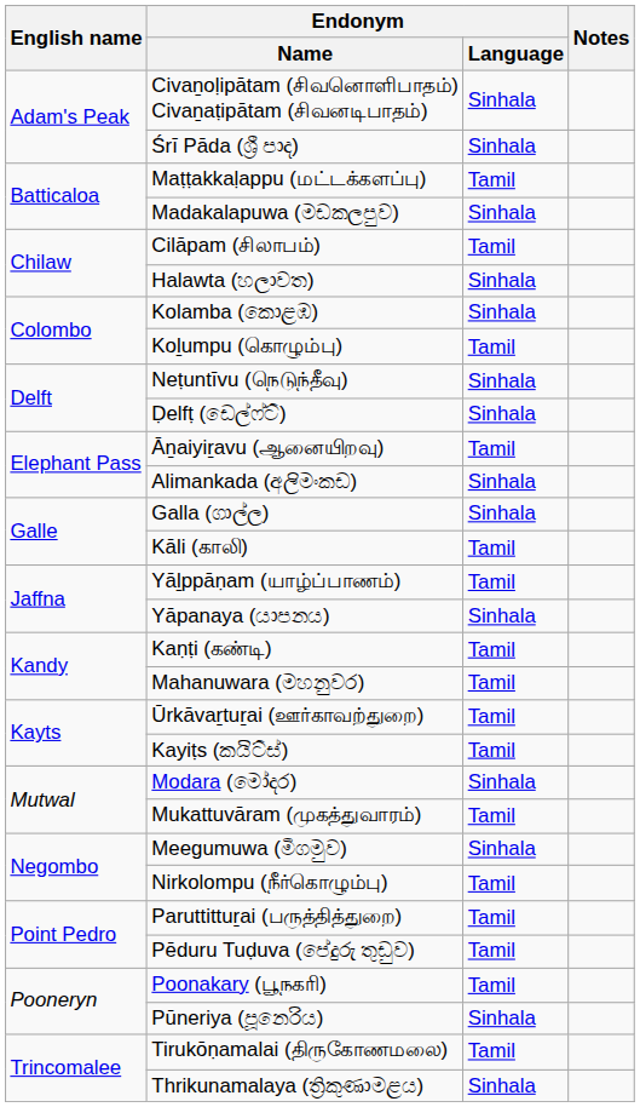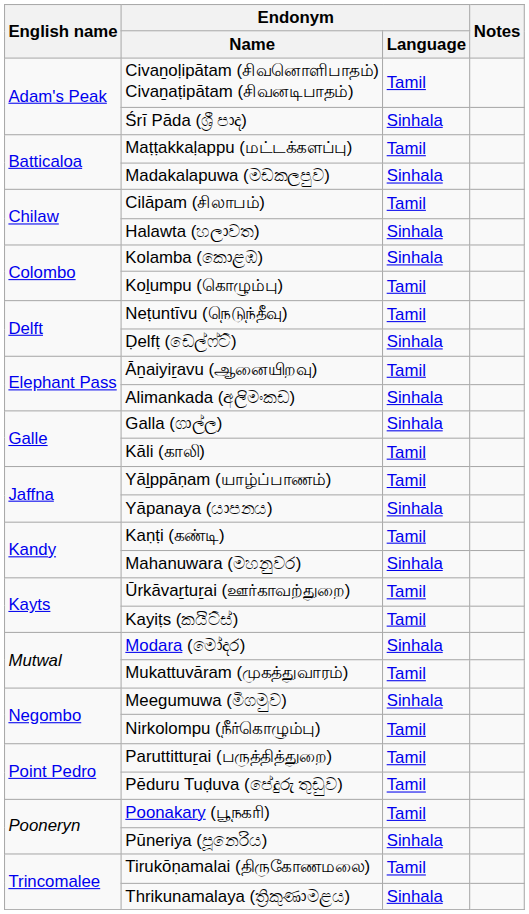 <table class="wikitable sortable mw-collapsible">
 <tr>
 <th rowspan="2">English name</th>
 <th colspan="2">Endonym</th>
 <th rowspan="2">Notes</th>
 </tr>
 <tr>
 <th>Name</th>
 <th>Language</th>
 </tr>
 <tr>
 <td rowspan="2"><a href='#'>Adam's Peak</a></td>
 <td>Civaṉoḷipātam (சிவனொளிபாதம்)<br>Civaṉaṭipātam (சிவனடிபாதம்)</td>
-<td><a href='#'>Sinhala</a></td>
+<td><a href='#'>Tamil</a></td>
 <td></td>
 </tr>
 <tr>
 <td>Śrī Pāda (ශ්‍රී පාද)</td>
 <td><a href='#'>Sinhala</a></td>
 <td></td>
 </tr>
 <tr>
 <td rowspan="2"><a href='#'>Batticaloa</a></td>
 <td>Maṭṭakkaḷappu (மட்டக்களப்பு)</td>
 <td><a href='#'>Tamil</a></td>
 <td></td>
 </tr>
 <tr>
 <td>Madakalapuwa (මඩකලපුව)</td>
 <td><a href='#'>Sinhala</a></td>
 <td></td>
 </tr>
 <tr>
 <td rowspan="2"><a href='#'>Chilaw</a></td>
 <td>Cilāpam (சிலாபம்)</td>
 <td><a href='#'>Tamil</a></td>
 <td></td>
 </tr>
 <tr>
 <td>Halawta (හලාවත)</td>
 <td><a href='#'>Sinhala</a></td>
 <td></td>
 </tr>
 <tr>
 <td rowspan="2"><a href='#'>Colombo</a></td>
 <td>Kolamba (කොළඹ)</td>
 <td><a href='#'>Sinhala</a></td>
 <td></td>
 </tr>
 <tr>
 <td>Koḻumpu (கொழும்பு)</td>
 <td><a href='#'>Tamil</a></td>
 <td></td>
 </tr>
 <tr>
 <td rowspan="2"><a href='#'>Delft</a></td>
 <td>Neṭuntīvu (நெடுந்தீவு)</td>
-<td><a href='#'>Sinhala</a></td>
+<td><a href='#'>Tamil</a></td>
 <td></td>
 </tr>
 <tr>
 <td>Ḍelfṭ (ඩෙල්ෆ්ට්)</td>
 <td><a href='#'>Sinhala</a></td>
 <td></td>
 </tr>
 <tr>
 <td rowspan="2"><a href='#'>Elephant Pass</a></td>
 <td>Āṉaiyiṟavu (ஆனையிறவு)</td>
 <td><a href='#'>Tamil</a></td>
 <td></td>
 </tr>
 <tr>
 <td>Alimankada (අලිමංකඩ)</td>
 <td><a href='#'>Sinhala</a></td>
 <td></td>
 </tr>
 <tr>
 <td rowspan="2"><a href='#'>Galle</a></td>
 <td>Galla (ගාල්ල)</td>
 <td><a href='#'>Sinhala</a></td>
 <td></td>
 </tr>
 <tr>
 <td>Kāli (காலி)</td>
 <td><a href='#'>Tamil</a></td>
 <td></td>
 </tr>
 <tr>
 <td rowspan="2"><a href='#'>Jaffna</a></td>
 <td>Yāḻppāṇam (யாழ்ப்பாணம்)</td>
 <td><a href='#'>Tamil</a></td>
 <td></td>
 </tr>
 <tr>
 <td>Yāpanaya (යාපනය)</td>
 <td><a href='#'>Sinhala</a></td>
 <td></td>
 </tr>
 <tr>
 <td rowspan="2"><a href='#'>Kandy</a></td>
 <td>Kaṇṭi (கண்டி)</td>
 <td><a href='#'>Tamil</a></td>
 <td></td>
 </tr>
 <tr>
 <td>Mahanuwara (මහනුවර)</td>
-<td><a href='#'>Tamil</a></td>
+<td><a href='#'>Sinhala</a></td>
 <td></td>
 </tr>
 <tr>
 <td rowspan="2"><a href='#'>Kayts</a></td>
 <td>Ūrkāvaṟtuṟai (ஊர்காவற்துறை)</td>
 <td><a href='#'>Tamil</a></td>
 <td></td>
 </tr>
 <tr>
 <td>Kayiṭs (කයිට්ස්)</td>
 <td><a href='#'>Tamil</a></td>
 <td></td>
 </tr>
 <tr>
 <td rowspan="2"><em>Mutwal</em></td>
 <td><a href='#'>Modara</a> (මෝදර)</td>
 <td><a href='#'>Sinhala</a></td>
 <td></td>
 </tr>
 <tr>
 <td>Mukattuvāram (முகத்துவாரம்)</td>
 <td><a href='#'>Tamil</a></td>
 <td></td>
 </tr>
 <tr>
 <td rowspan="2"><a href='#'>Negombo</a></td>
 <td>Meegumuwa (මීගමුව)</td>
 <td><a href='#'>Sinhala</a></td>
 <td></td>
 </tr>
 <tr>
 <td>Nirkolompu (நீர்கொழும்பு)</td>
 <td><a href='#'>Tamil</a></td>
 <td></td>
 </tr>
 <tr>
 <td rowspan="2"><a href='#'>Point Pedro</a></td>
 <td>Paruttittuṟai (பருத்தித்துறை)</td>
 <td><a href='#'>Tamil</a></td>
 <td></td>
 </tr>
 <tr>
 <td>Pēduru Tuḍuva (පේදුරු තුඩුව)</td>
 <td><a href='#'>Tamil</a></td>
 <td></td>
 </tr>
 <tr>
 <td rowspan="2"><em>Pooneryn</em></td>
 <td><a href='#'>Poonakary</a> (பூநகரி)</td>
 <td><a href='#'>Tamil</a></td>
 <td></td>
 </tr>
 <tr>
 <td>Pūneriya (පූනෙරිය)</td>
 <td><a href='#'>Sinhala</a></td>
 <td></td>
 </tr>
 <tr>
 <td rowspan="2"><a href='#'>Trincomalee</a></td>
 <td>Tirukōṇamalai (திருகோணமலை)</td>
 <td><a href='#'>Tamil</a></td>
 <td></td>
 </tr>
 <tr>
 <td>Thrikunamalaya (ත්‍රිකුණාමළය)</td>
 <td><a href='#'>Sinhala</a></td>
 <td></td>
 </tr>
 </table>
